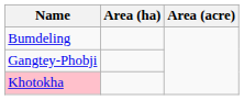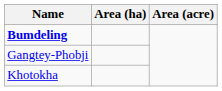 <table class="wikitable sortable">
 <tr>
 <th scope="col" align=left>Name</th>
 <th scope="col">Area (ha)</th>
 <th scope="col">Area (acre)</th>
 </tr>
 <tr ---->
-<td><a href='#'>Bumdeling</a></td>
+<td><strong><a href='#'>Bumdeling</a></strong></td>
 <td></td>
 </tr>
 <tr ---->
 <td><a href='#'>Gangtey-Phobji</a></td>
 <td></td>
 </tr>
 <tr ---->
-<td style="background: pink;"><a href='#'>Khotokha</a></td>
+<td><a href='#'>Khotokha</a></td>
 <td></td>
 </tr>
 </table>
